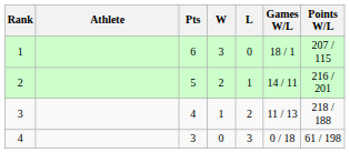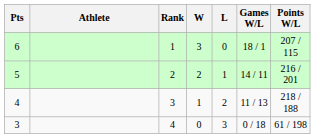 <table class="wikitable" style="text-align: center; font-size:90% ">
 <tr>
+<th width="30">Pts</th>
+<th width="180">Athlete</th>
 <th width="20">Rank</th>
-<th width="180">Athlete</th>
-<th width="30">Pts</th>
 <th width="30">W</th>
 <th width="30">L</th>
 <th width="40">Games<br>W/L</th>
 <th width="50">Points<br>W/L</th>
 </tr>
 <tr bgcolor=#ccffcc>
+<td>6</td>
+<td align=left></td>
 <td>1</td>
-<td align=left></td>
-<td>6</td>
 <td>3</td>
 <td>0</td>
 <td>18 / 1</td>
 <td>207 / 115</td>
 </tr>
 <tr bgcolor=#ccffcc>
+<td>5</td>
+<td align=left></td>
 <td>2</td>
-<td align=left></td>
-<td>5</td>
 <td>2</td>
 <td>1</td>
 <td>14 / 11</td>
 <td>216 / 201</td>
 </tr>
 <tr>
+<td>4</td>
+<td align=left></td>
 <td>3</td>
-<td align=left></td>
-<td>4</td>
 <td>1</td>
 <td>2</td>
 <td>11 / 13</td>
 <td>218 / 188</td>
 </tr>
 <tr>
+<td>3</td>
+<td align=left></td>
 <td>4</td>
-<td align=left></td>
-<td>3</td>
 <td>0</td>
 <td>3</td>
 <td>0 / 18</td>
 <td>61 / 198</td>
 </tr>
 </table>
